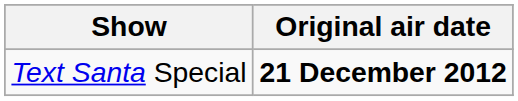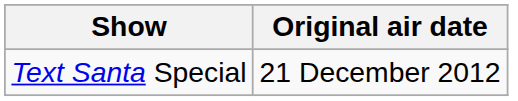 <table class="wikitable" style="text-align:center;">
 <tr>
 <th>Show</th>
 <th>Original air date</th>
 </tr>
 <tr>
 <td><em><a href='#'>Text Santa</a></em> Special</td>
-<td><strong>21 December 2012</strong></td>
+<td>21 December 2012</td>
 </tr>
 </table>
